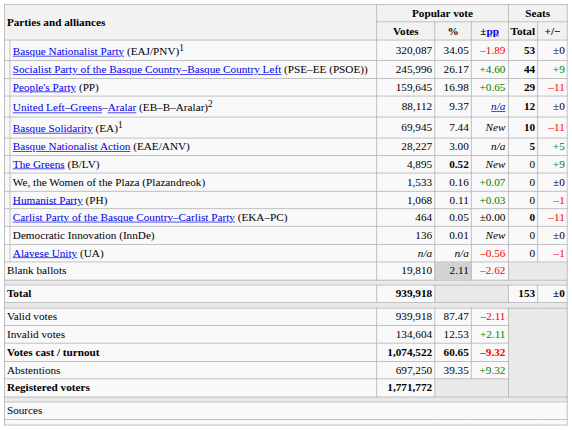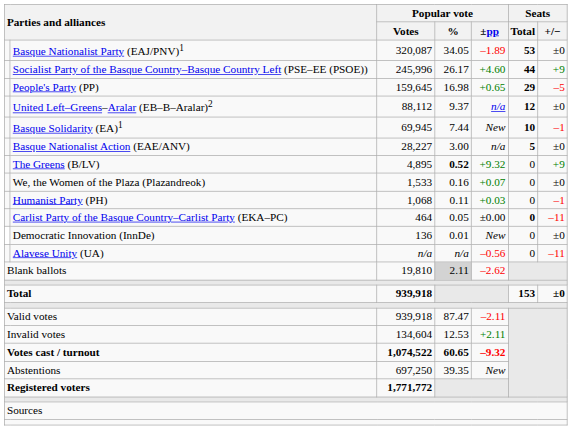 <table class="wikitable" style="text-align:right;">
 <tr>
 <th style="text-align:left;" rowspan="2" colspan="2" width="525">Parties and alliances</th>
 <th colspan="3">Popular vote</th>
 <th colspan="2">Seats</th>
 </tr>
 <tr>
 <th width="75">Votes</th>
 <th width="45">%</th>
 <th width="45">±<a href='#'>pp</a></th>
 <th width="35">Total</th>
 <th width="35">+/−</th>
 </tr>
 <tr>
 <td width="1" style="color:inherit;background:"></td>
 <td align="left"><a href='#'>Basque Nationalist Party</a> (EAJ/PNV)<sup>1</sup></td>
 <td>320,087</td>
 <td>34.05</td>
 <td style="color:red;">–1.89</td>
 <td><strong>53</strong></td>
 <td>±0</td>
 </tr>
 <tr>
 <td style="color:inherit;background:"></td>
 <td align="left"><a href='#'>Socialist Party of the Basque Country–Basque Country Left</a> (PSE–EE (PSOE))</td>
 <td>245,996</td>
 <td>26.17</td>
 <td style="color:green;">+4.60</td>
 <td><strong>44</strong></td>
 <td style="color:green;">+9</td>
 </tr>
 <tr>
 <td style="color:inherit;background:"></td>
 <td align="left"><a href='#'>People's Party</a> (PP)</td>
 <td>159,645</td>
 <td>16.98</td>
 <td style="color:green;">+0.65</td>
 <td><strong>29</strong></td>
-<td style="color:red;">–11</td>
+<td style="color:red;">–5</td>
 </tr>
 <tr>
 <td style="color:inherit;background:"></td>
 <td align="left"><a href='#'>United Left–Greens</a>–<a href='#'>Aralar</a> (EB–B–Aralar)<sup>2</sup></td>
 <td>88,112</td>
 <td>9.37</td>
 <td><em><a href='#'>n/a</a></em></td>
 <td><strong>12</strong></td>
 <td>±0</td>
 </tr>
 <tr>
 <td style="color:inherit;background:"></td>
 <td align="left"><a href='#'>Basque Solidarity</a> (EA)<sup>1</sup></td>
 <td>69,945</td>
 <td>7.44</td>
 <td><em>New</em></td>
 <td><strong>10</strong></td>
-<td style="color:red;">–11</td>
+<td style="color:red;">–1</td>
 </tr>
 <tr>
 <td style="color:inherit;background:"></td>
 <td align="left"><a href='#'>Basque Nationalist Action</a> (EAE/ANV)</td>
 <td>28,227</td>
 <td>3.00</td>
 <td><em>n/a</em></td>
 <td><strong>5</strong></td>
-<td style="color:green;">+5</td>
+<td>±0</td>
 </tr>
 <tr>
 <td style="color:inherit;background:"></td>
 <td align="left"><a href='#'>The Greens</a> (B/LV)</td>
 <td>4,895</td>
 <td><strong>0.52</strong></td>
-<td><em>New</em></td>
+<td style="color:green;">+9.32</td>
 <td>0</td>
 <td style="color:green;">+9</td>
 </tr>
 <tr>
 <td style="color:inherit;background:"></td>
 <td align="left">We, the Women of the Plaza (Plazandreok)</td>
 <td>1,533</td>
 <td>0.16</td>
 <td style="color:green;">+0.07</td>
 <td>0</td>
 <td>±0</td>
 </tr>
 <tr>
 <td style="color:inherit;background:"></td>
 <td align="left"><a href='#'>Humanist Party</a> (PH)</td>
 <td>1,068</td>
 <td>0.11</td>
 <td style="color:green;">+0.03</td>
 <td>0</td>
 <td style="color:red;">–1</td>
 </tr>
 <tr>
 <td style="color:inherit;background:"></td>
 <td align="left"><a href='#'>Carlist Party of the Basque Country–Carlist Party</a> (EKA–PC)</td>
 <td>464</td>
 <td>0.05</td>
 <td>±0.00</td>
 <td><strong>0</strong></td>
 <td style="color:red;">–11</td>
 </tr>
 <tr>
 <td bgcolor="white"></td>
 <td align="left">Democratic Innovation (InnDe)</td>
 <td>136</td>
 <td>0.01</td>
 <td><em>New</em></td>
 <td>0</td>
 <td>±0</td>
 </tr>
 <tr>
 <td style="color:inherit;background:"></td>
 <td align="left"><a href='#'>Alavese Unity</a> (UA)</td>
 <td><em>n/a</em></td>
 <td><em>n/a</em></td>
 <td style="color:red;">–0.56</td>
 <td>0</td>
-<td style="color:red;">–1</td>
+<td style="color:red;">–11</td>
 </tr>
 <tr>
 <td align="left" colspan="2">Blank ballots</td>
 <td>19,810</td>
 <td style="background: lightgrey;">2.11</td>
 <td style="color:red;">–2.62</td>
 <td bgcolor="#E9E9E9" colspan="2"></td>
 </tr>
 <tr>
 <td colspan="7" bgcolor="#E9E9E9"></td>
 </tr>
 <tr style="font-weight:bold;">
 <td align="left" colspan="2">Total</td>
 <td>939,918</td>
 <td bgcolor="#E9E9E9" colspan="2"></td>
 <td>153</td>
 <td>±0</td>
 </tr>
 <tr>
 <td colspan="7" bgcolor="#E9E9E9"></td>
 </tr>
 <tr>
 <td align="left" colspan="2">Valid votes</td>
 <td>939,918</td>
 <td>87.47</td>
 <td style="color:red;">–2.11</td>
 <td bgcolor="#E9E9E9" colspan="2" rowspan="5"></td>
 </tr>
 <tr>
 <td align="left" colspan="2">Invalid votes</td>
 <td>134,604</td>
 <td>12.53</td>
 <td style="color:green;">+2.11</td>
 </tr>
 <tr style="font-weight:bold;">
 <td align="left" colspan="2">Votes cast / turnout</td>
 <td>1,074,522</td>
 <td>60.65</td>
 <td style="color:red;">–9.32</td>
 </tr>
 <tr>
 <td align="left" colspan="2">Abstentions</td>
 <td>697,250</td>
 <td>39.35</td>
-<td style="color:green;">+9.32</td>
+<td><em>New</em></td>
 </tr>
 <tr style="font-weight:bold;">
 <td align="left" colspan="2">Registered voters</td>
 <td>1,771,772</td>
 <td bgcolor="#E9E9E9" colspan="2"></td>
 </tr>
 <tr>
 <td colspan="7" bgcolor="#E9E9E9"></td>
 </tr>
 <tr>
 <td align="left" colspan="7">Sources</td>
 </tr>
 <tr>
 <td colspan="7" style="text-align:left; max-width:790px;"></td>
 </tr>
 </table>
